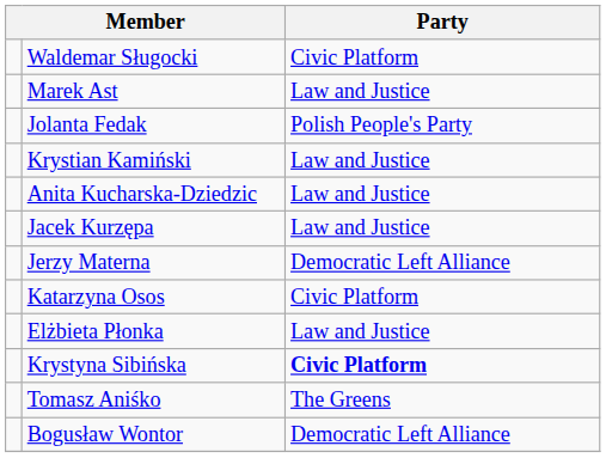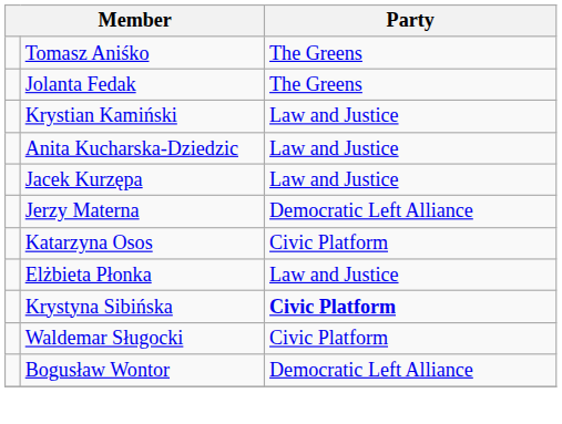 <table class="wikitable">
 <tr>
 <th width=200px colspan=2>Member</th>
 <th width=225px>Party</th>
 </tr>
 <tr>
-<td style="background-color: "></td>
-<td><a href='#'>Waldemar Sługocki</a></td>
-<td><a href='#'>Civic Platform</a></td>
-</tr>
-<tr>
 <td width=5px style="background-color: "></td>
-<td><a href='#'>Marek Ast</a></td>
-<td><a href='#'>Law and Justice</a></td>
+<td><a href='#'>Tomasz Aniśko</a></td>
+<td><a href='#'>The Greens</a></td>
 </tr>
 <tr>
 <td style="background-color: "></td>
 <td><a href='#'>Jolanta Fedak</a></td>
-<td><a href='#'>Polish People's Party</a></td>
+<td><a href='#'>The Greens</a></td>
 </tr>
 <tr>
 <td style="background-color: "></td>
 <td><a href='#'>Krystian Kamiński</a></td>
 <td><a href='#'>Law and Justice</a></td>
 </tr>
 <tr>
 <td style="background-color: "></td>
 <td><a href='#'>Anita Kucharska-Dziedzic</a></td>
 <td><a href='#'>Law and Justice</a></td>
 </tr>
 <tr>
 <td style="background-color: "></td>
 <td><a href='#'>Jacek Kurzępa</a></td>
 <td><a href='#'>Law and Justice</a></td>
 </tr>
 <tr>
 <td style="background-color: "></td>
 <td><a href='#'>Jerzy Materna</a></td>
 <td><a href='#'>Democratic Left Alliance</a></td>
 </tr>
 <tr>
 <td style="background-color: "></td>
 <td><a href='#'>Katarzyna Osos</a></td>
 <td><a href='#'>Civic Platform</a></td>
 </tr>
 <tr>
 <td style="background-color: "></td>
 <td><a href='#'>Elżbieta Płonka</a></td>
 <td><a href='#'>Law and Justice</a></td>
 </tr>
 <tr>
 <td style="background-color: "></td>
 <td><a href='#'>Krystyna Sibińska</a></td>
 <td><strong><a href='#'>Civic Platform</a></strong></td>
 </tr>
 <tr>
-<td width=5px style="background-color: "></td>
-<td><a href='#'>Tomasz Aniśko</a></td>
-<td><a href='#'>The Greens</a></td>
+<td style="background-color: "></td>
+<td><a href='#'>Waldemar Sługocki</a></td>
+<td><a href='#'>Civic Platform</a></td>
 </tr>
 <tr>
 <td style="background-color: "></td>
 <td><a href='#'>Bogusław Wontor</a></td>
 <td><a href='#'>Democratic Left Alliance</a></td>
 </tr>
 <tr>
 </tr>
 </table>
